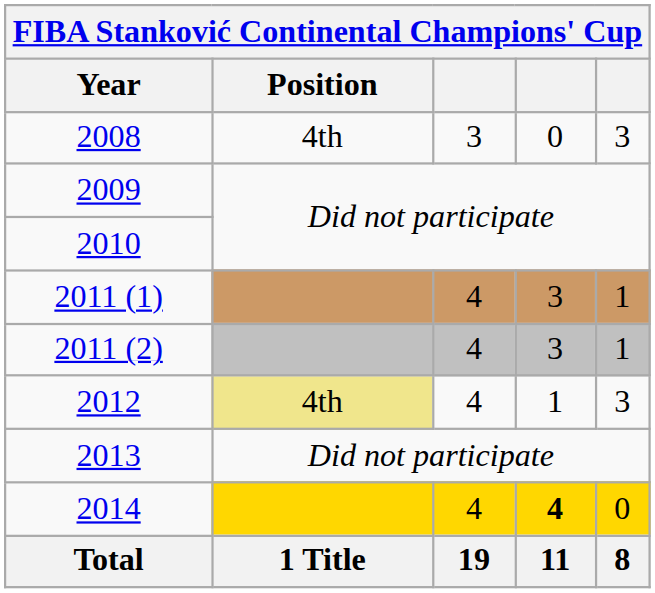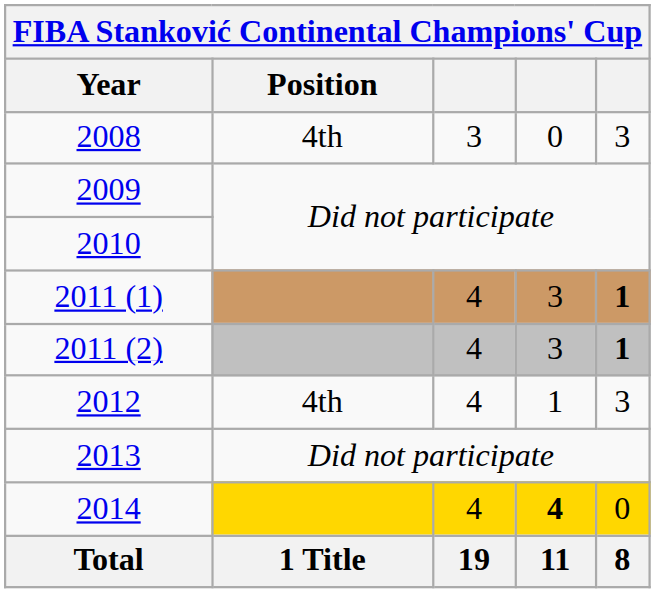 <table class="wikitable" style="text-align: center;font-size:90%;">
 <tr>
 <th colspan=5><a href='#'>FIBA Stanković Continental Champions' Cup</a></th>
 </tr>
 <tr>
 <th>Year</th>
 <th>Position</th>
 <th></th>
 <th></th>
 <th></th>
 </tr>
 <tr>
 <td> <a href='#'>2008</a></td>
 <td>4th</td>
 <td>3</td>
 <td>0</td>
 <td>3</td>
 </tr>
 <tr>
 <td> <a href='#'>2009</a></td>
 <td rowspan=2 colspan=4><em>Did not participate</em></td>
 </tr>
 <tr>
 <td> <a href='#'>2010</a></td>
 </tr>
 <tr>
 <td> <a href='#'>2011 (1)</a></td>
 <td bgcolor=#cc9966></td>
 <td bgcolor=#cc9966>4</td>
 <td bgcolor=#cc9966>3</td>
-<td bgcolor=#cc9966>1</td>
+<td bgcolor=#cc9966><strong>1</strong></td>
 </tr>
 <tr>
 <td> <a href='#'>2011 (2)</a></td>
 <td bgcolor=silver></td>
 <td bgcolor=silver>4</td>
 <td bgcolor=silver>3</td>
-<td bgcolor=silver>1</td>
+<td bgcolor=silver><strong>1</strong></td>
 </tr>
 <tr>
 <td> <a href='#'>2012</a></td>
-<td style="background: khaki;">4th</td>
+<td>4th</td>
 <td>4</td>
 <td>1</td>
 <td>3</td>
 </tr>
 <tr>
 <td> <a href='#'>2013</a></td>
 <td colspan=4><em>Did not participate</em></td>
 </tr>
 <tr>
 <td> <a href='#'>2014</a></td>
 <td bgcolor=gold></td>
 <td bgcolor=gold>4</td>
 <td bgcolor=gold><strong>4</strong></td>
 <td bgcolor=gold>0</td>
 </tr>
 <tr>
 <th>Total</th>
 <th>1 Title</th>
 <th>19</th>
 <th>11</th>
 <th>8</th>
 </tr>
 </table>
